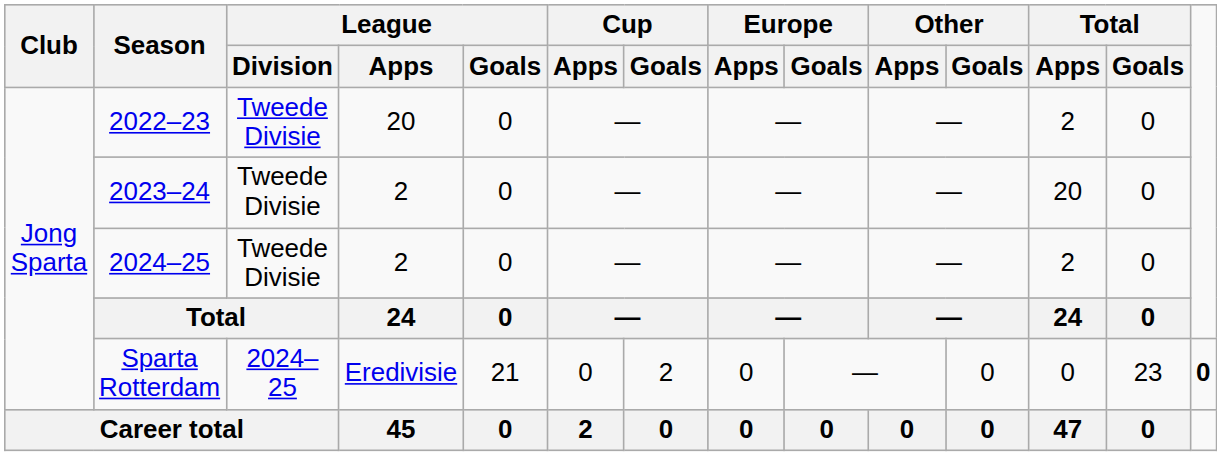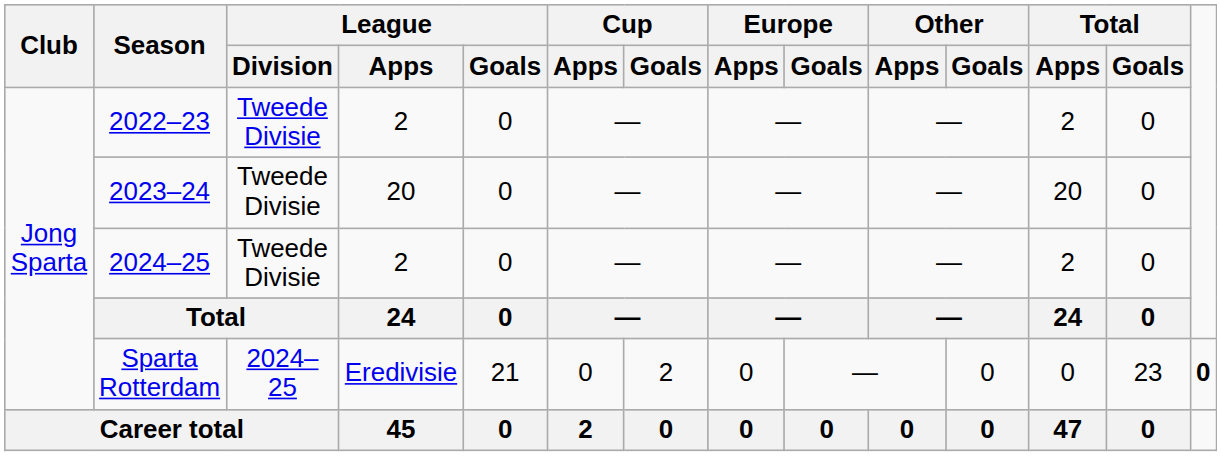 <table class="wikitable" style="text-align: center">
 <tr>
 <th rowspan="2">Club</th>
 <th rowspan="2">Season</th>
 <th colspan="3">League</th>
 <th colspan="2">Cup</th>
 <th colspan="2">Europe</th>
 <th colspan="2">Other</th>
 <th colspan="2">Total</th>
 </tr>
 <tr>
 <th>Division</th>
 <th>Apps</th>
 <th>Goals</th>
 <th>Apps</th>
 <th>Goals</th>
 <th>Apps</th>
 <th>Goals</th>
 <th>Apps</th>
 <th>Goals</th>
 <th>Apps</th>
 <th>Goals</th>
 </tr>
 <tr>
 <td rowspan="5"><a href='#'>Jong Sparta</a></td>
 <td><a href='#'>2022–23</a></td>
 <td><a href='#'>Tweede Divisie</a></td>
-<td>20</td>
+<td>2</td>
 <td>0</td>
 <td colspan="2">—</td>
 <td colspan="2">—</td>
 <td colspan="2">—</td>
 <td>2</td>
 <td>0</td>
 </tr>
 <tr>
 <td><a href='#'>2023–24</a></td>
 <td>Tweede Divisie</td>
-<td>2</td>
+<td>20</td>
 <td>0</td>
 <td colspan="2">—</td>
 <td colspan="2">—</td>
 <td colspan="2">—</td>
 <td>20</td>
 <td>0</td>
 </tr>
 <tr>
 <td><a href='#'>2024–25</a></td>
 <td>Tweede Divisie</td>
 <td>2</td>
 <td>0</td>
 <td colspan="2">—</td>
 <td colspan="2">—</td>
 <td colspan="2">—</td>
 <td>2</td>
 <td>0</td>
 </tr>
 <tr>
 <th colspan="2">Total</th>
 <th>24</th>
 <th>0</th>
 <th colspan="2">—</th>
 <th colspan="2">—</th>
 <th colspan="2">—</th>
 <th>24</th>
 <th>0</th>
 </tr>
 <tr>
 <td><a href='#'>Sparta Rotterdam</a></td>
 <td><a href='#'>2024–25</a></td>
 <td><a href='#'>Eredivisie</a></td>
 <td>21</td>
 <td>0</td>
 <td>2</td>
 <td>0</td>
 <td colspan="2">—</td>
 <td>0</td>
 <td>0</td>
 <td>23</td>
 <td><strong>0</strong></td>
 </tr>
 <tr>
 <th colspan="3">Career total</th>
 <th>45</th>
 <th>0</th>
 <th>2</th>
 <th>0</th>
 <th>0</th>
 <th>0</th>
 <th>0</th>
 <th>0</th>
 <th>47</th>
 <th>0</th>
 </tr>
 </table>
